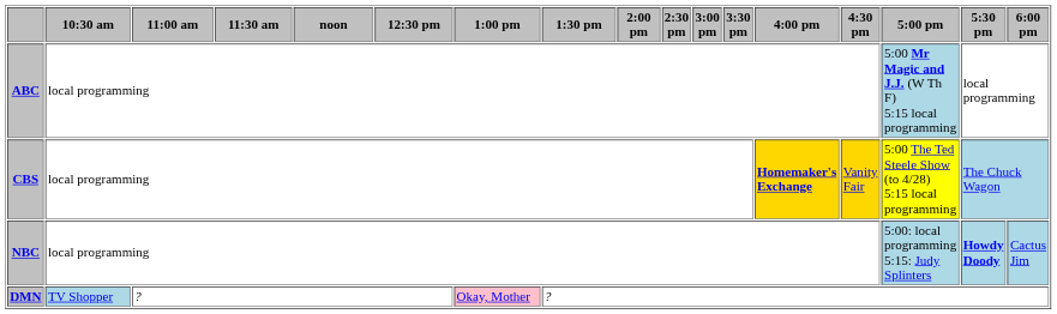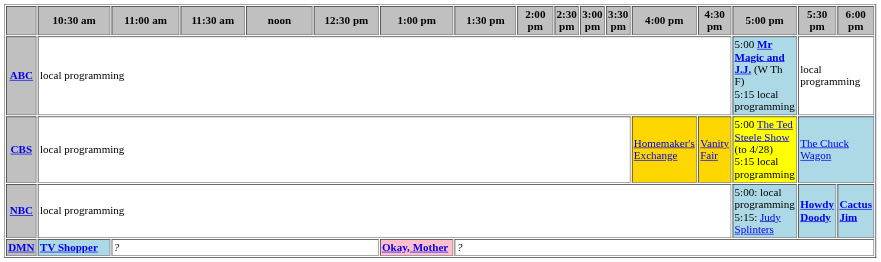 <table border="1" cellpadding="2">
 <tr>
 <th bgcolor="#C0C0C0"> </th>
 <th width="13%" bgcolor="#C0C0C0">10:30 am</th>
 <th width="14%" bgcolor="#C0C0C0">11:00 am</th>
 <th width="13%" bgcolor="#C0C0C0">11:30 am</th>
 <th width="14%" bgcolor="#C0C0C0">noon</th>
 <th width="13%" bgcolor="#C0C0C0">12:30 pm</th>
 <th width="14%" bgcolor="#C0C0C0">1:00 pm</th>
 <th width="13%" bgcolor="#C0C0C0">1:30 pm</th>
 <th width="14%" bgcolor="#C0C0C0">2:00 pm</th>
 <th width="13%" bgcolor="#C0C0C0">2:30 pm</th>
 <th width="14%" bgcolor="#C0C0C0">3:00 pm</th>
 <th width="13%" bgcolor="#C0C0C0">3:30 pm</th>
 <th width="14%" bgcolor="#C0C0C0">4:00 pm</th>
 <th width="13%" bgcolor="#C0C0C0">4:30 pm</th>
 <th width="14%" bgcolor="#C0C0C0">5:00 pm</th>
 <th width="13%" bgcolor="#C0C0C0">5:30 pm</th>
 <th width="14%" bgcolor="#C0C0C0">6:00 pm</th>
 </tr>
 <tr>
 <th bgcolor="#C0C0C0"><a href='#'>ABC</a></th>
 <td bgcolor="white" colspan="13">local programming</td>
 <td bgcolor="lightblue">5:00 <strong><a href='#'>Mr Magic and J.J.</a></strong> (W Th F)<br>5:15 local programming</td>
 <td bgcolor="white" colspan="2">local programming</td>
 </tr>
 <tr>
 <th bgcolor="#C0C0C0"><a href='#'>CBS</a></th>
 <td bgcolor="white" colspan="11">local programming</td>
-<td bgcolor="gold"><strong><a href='#'>Homemaker's Exchange</a></strong></td>
+<td bgcolor="gold"><a href='#'>Homemaker's Exchange</a></td>
 <td bgcolor="gold"><a href='#'>Vanity Fair</a></td>
 <td bgcolor="yellow">5:00 <a href='#'>The Ted Steele Show</a> (to 4/28)<br>5:15 local programming</td>
 <td bgcolor="lightblue" colspan="2"><a href='#'>The Chuck Wagon</a></td>
 </tr>
 <tr>
 <th bgcolor="#C0C0C0"><a href='#'>NBC</a></th>
 <td bgcolor="white" colspan="13">local programming</td>
 <td bgcolor="lightblue">5:00: local programming<br>5:15: <a href='#'>Judy Splinters</a></td>
 <td bgcolor="lightblue"><strong><a href='#'>Howdy Doody</a></strong></td>
-<td bgcolor="lightblue"><a href='#'>Cactus Jim</a></td>
+<td bgcolor="lightblue"><strong><a href='#'>Cactus Jim</a></strong></td>
 </tr>
 <tr>
 <th bgcolor="#C0C0C0"><a href='#'>DMN</a></th>
-<td bgcolor="lightblue"><a href='#'>TV Shopper</a></td>
+<td bgcolor="lightblue"><strong><a href='#'>TV Shopper</a></strong></td>
 <td bgcolor="white" colspan="4"><em>?</em></td>
-<td bgcolor="pink"><a href='#'>Okay, Mother</a></td>
+<td bgcolor="pink"><strong><a href='#'>Okay, Mother</a></strong></td>
 <td bgcolor="white" colspan="10"><em>?</em></td>
 </tr>
 </table>
